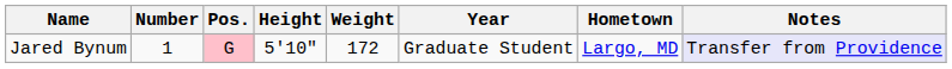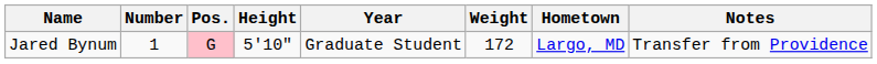 <table class="wikitable sortable sortable" style="text-align: center">
 <tr align=center>
 <th>Name</th>
 <th>Number</th>
 <th>Pos.</th>
 <th>Height</th>
+<th>Year</th>
 <th>Weight</th>
-<th>Year</th>
 <th>Hometown</th>
 <th>Notes</th>
 </tr>
 <tr>
 <td>Jared Bynum</td>
 <td>1</td>
 <td style="background: pink;">G</td>
 <td>5'10"</td>
+<td>Graduate Student</td>
 <td>172</td>
-<td>Graduate Student</td>
 <td><a href='#'>Largo, MD</a></td>
-<td style="background: lavender;">Transfer from <a href='#'>Providence</a></td>
+<td>Transfer from <a href='#'>Providence</a></td>
 </tr>
 </table>
